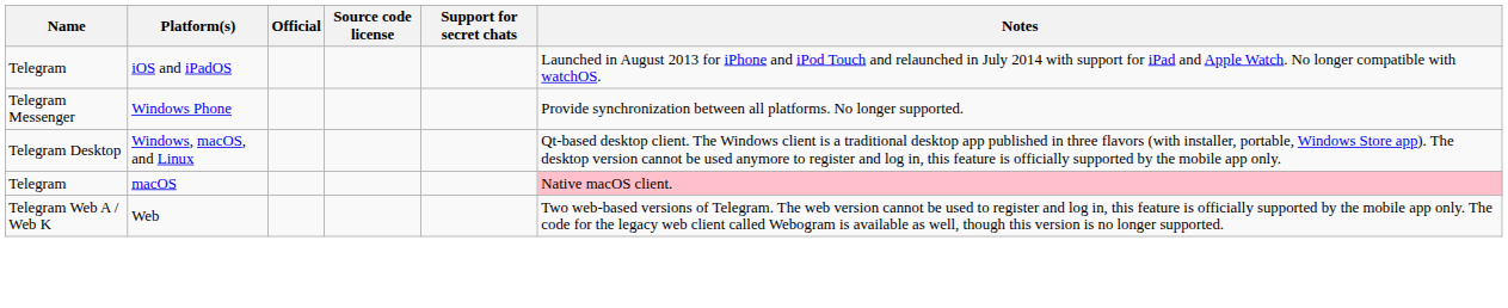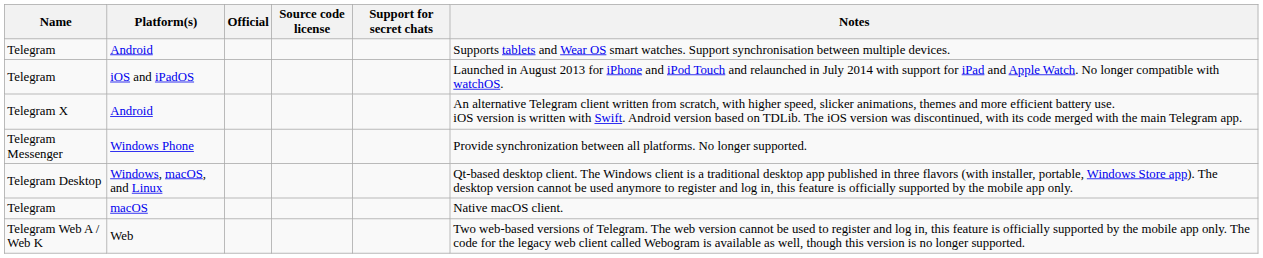 <table class="wikitable sortable">
 <tr>
 <th>Name</th>
 <th>Platform(s)</th>
 <th>Official</th>
 <th>Source code license</th>
 <th>Support for secret chats</th>
 <th>Notes</th>
 </tr>
 <tr>
 <td>Telegram</td>
+<td><a href='#'>Android</a></td>
+<td></td>
+<td></td>
+<td></td>
+<td>Supports <a href='#'>tablets</a> and <a href='#'>Wear OS</a> smart watches. Support synchronisation between multiple devices.</td>
+</tr>
+<tr>
+<td>Telegram</td>
 <td><a href='#'>iOS</a> and <a href='#'>iPadOS</a></td>
 <td></td>
 <td></td>
 <td></td>
 <td>Launched in August 2013 for <a href='#'>iPhone</a> and <a href='#'>iPod Touch</a> and relaunched in July 2014 with support for <a href='#'>iPad</a> and <a href='#'>Apple Watch</a>. No longer compatible with <a href='#'>watchOS</a>.</td>
+</tr>
+<tr>
+<td>Telegram X</td>
+<td><a href='#'>Android</a></td>
+<td></td>
+<td></td>
+<td></td>
+<td>An alternative Telegram client written from scratch, with higher speed, slicker animations, themes and more efficient battery use.<br>iOS version is written with <a href='#'>Swift</a>. Android version based on TDLib. The iOS version was discontinued, with its code merged with the main Telegram app.</td>
 </tr>
 <tr>
 <td>Telegram Messenger</td>
 <td><a href='#'>Windows Phone</a></td>
 <td></td>
 <td></td>
 <td></td>
 <td>Provide synchronization between all platforms. No longer supported.</td>
 </tr>
 <tr>
 <td>Telegram Desktop</td>
 <td><a href='#'>Windows</a>, <a href='#'>macOS</a>, and <a href='#'>Linux</a></td>
 <td></td>
 <td></td>
 <td></td>
 <td>Qt-based desktop client. The Windows client is a traditional desktop app published in three flavors (with installer, portable, <a href='#'>Windows Store app</a>). The desktop version cannot be used anymore to register and log in, this feature is officially supported by the mobile app only.</td>
 </tr>
 <tr>
 <td>Telegram</td>
 <td><a href='#'>macOS</a></td>
 <td></td>
 <td></td>
 <td></td>
-<td style="background: pink;">Native macOS client.</td>
+<td>Native macOS client.</td>
 </tr>
 <tr>
 <td>Telegram Web A / Web K</td>
 <td>Web</td>
 <td></td>
 <td></td>
 <td></td>
 <td>Two web-based versions of Telegram. The web version cannot be used to register and log in, this feature is officially supported by the mobile app only. The code for the legacy web client called Webogram is available as well, though this version is no longer supported.</td>
 </tr>
 </table>
